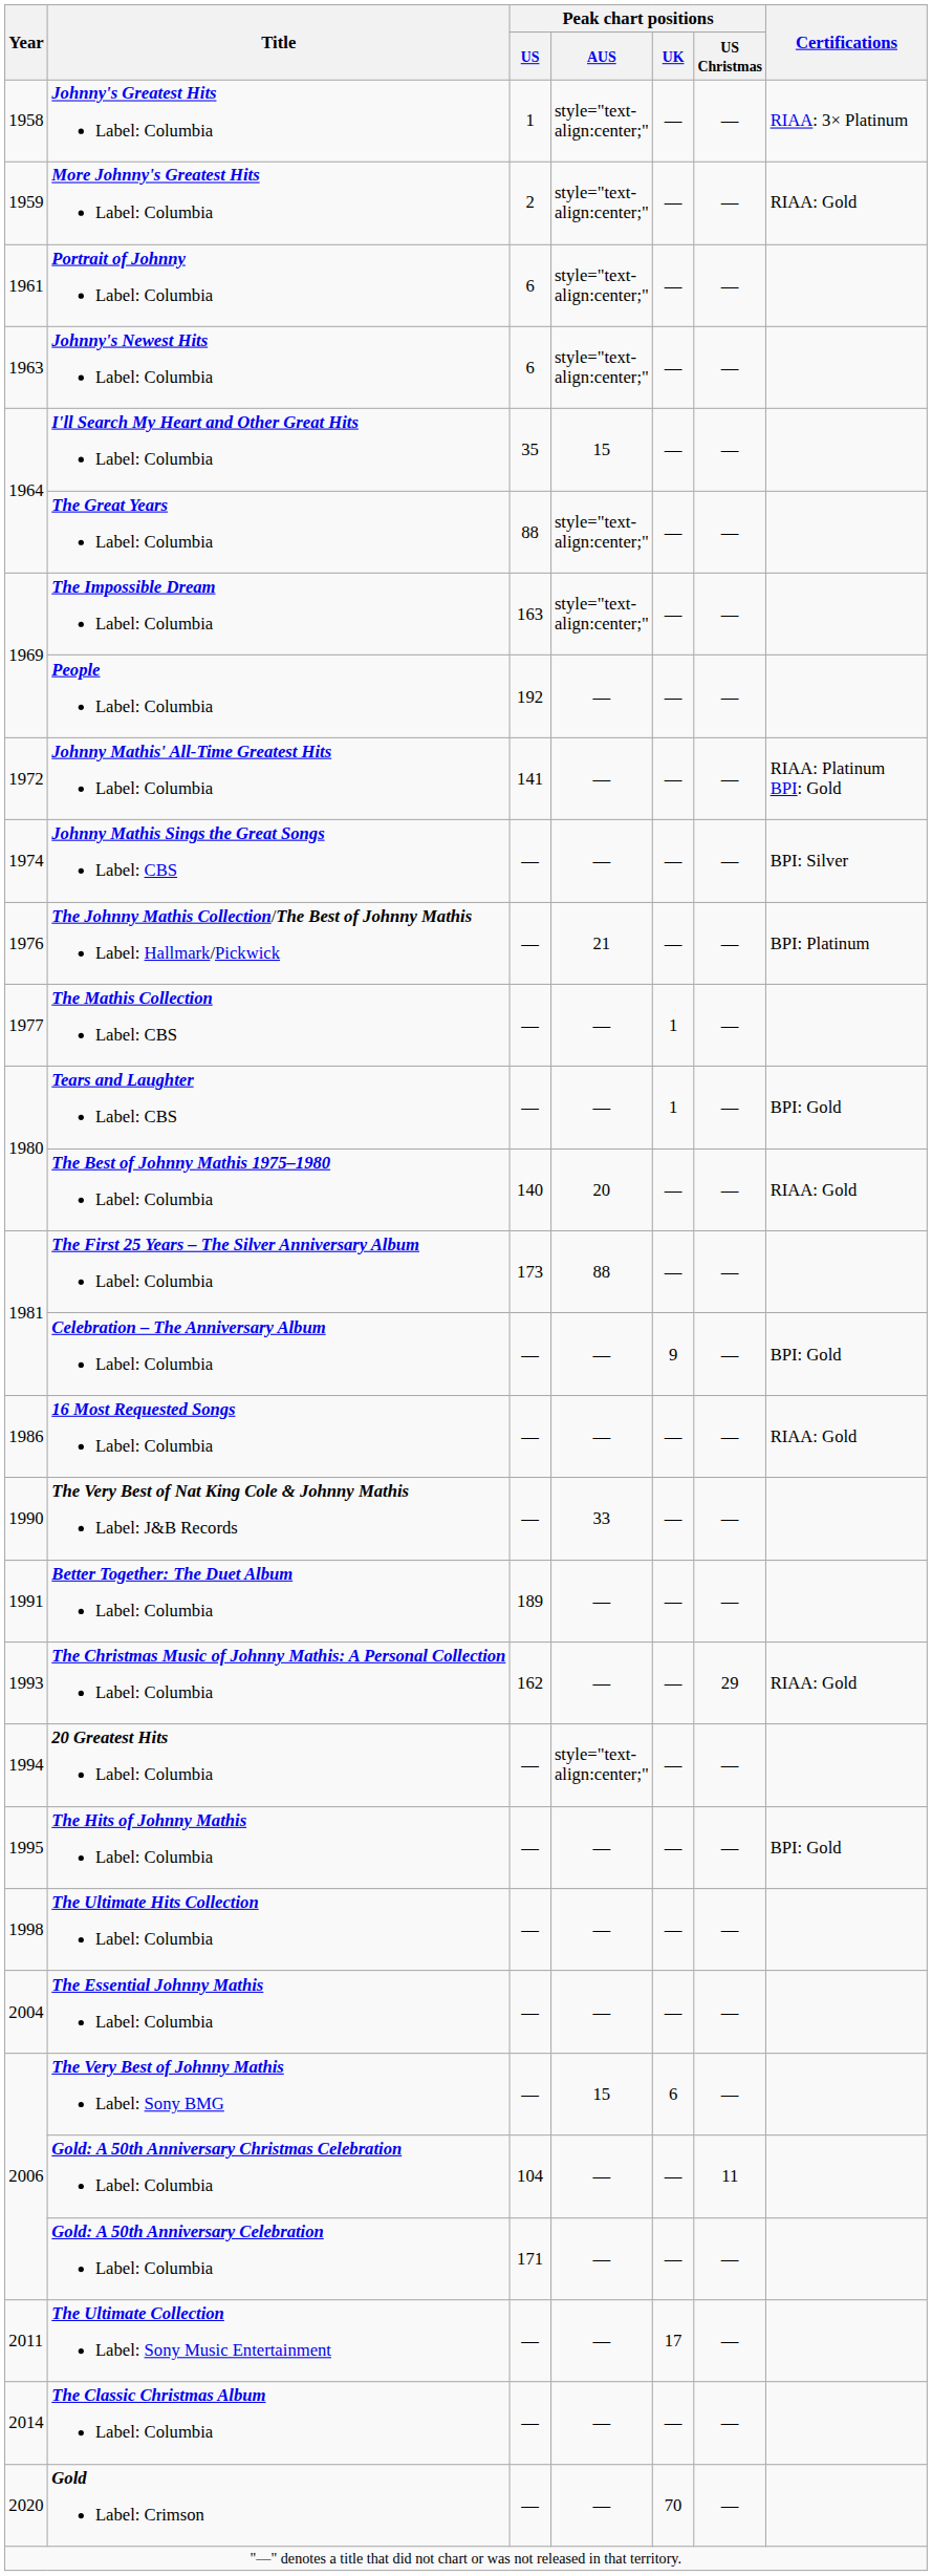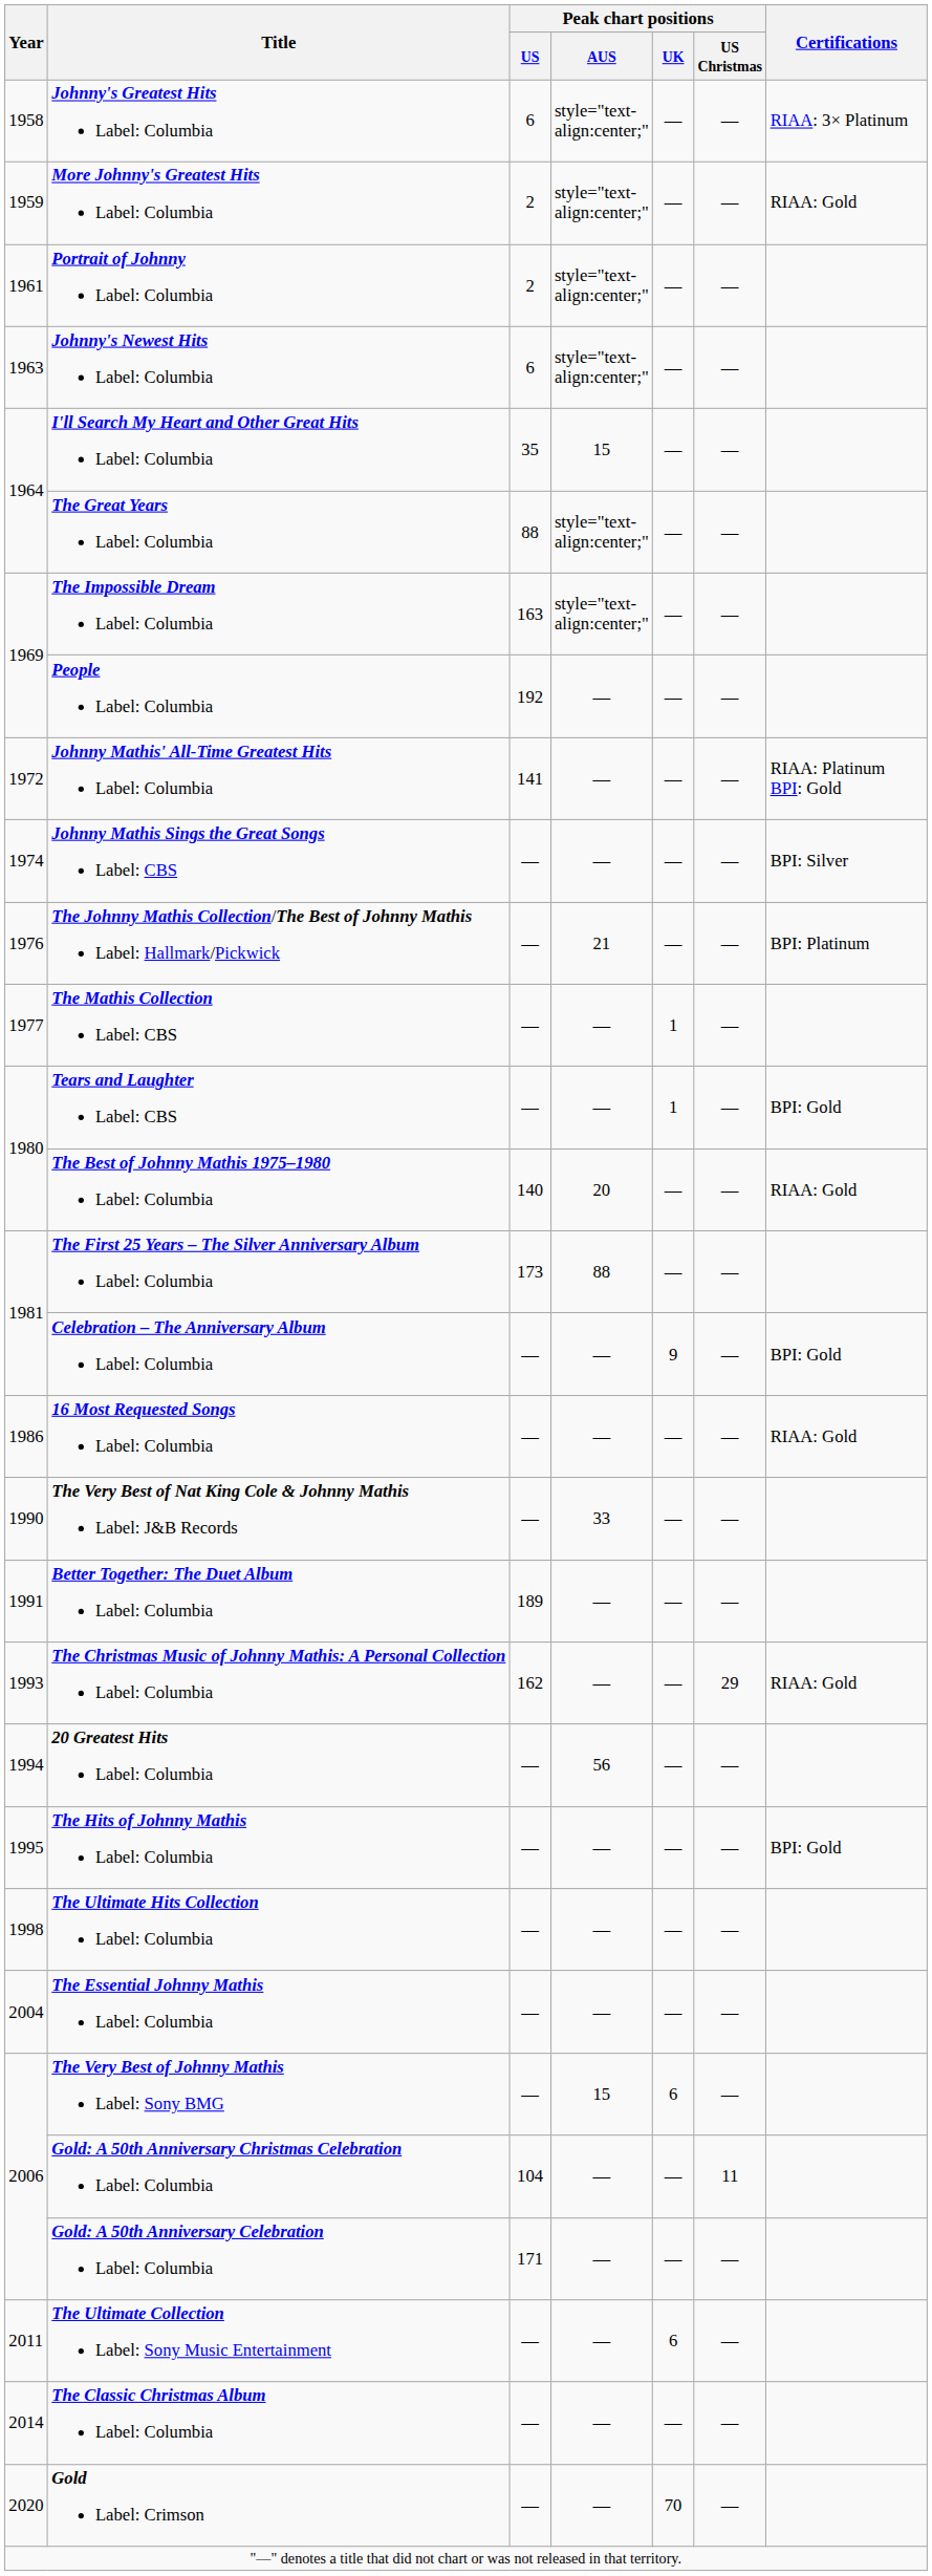 <table class="wikitable">
 <tr>
 <th rowspan="2">Year</th>
 <th rowspan="2">Title</th>
 <th colspan="4">Peak chart positions</th>
 <th rowspan="2" style="width:140px;"><a href='#'>Certifications</a></th>
 </tr>
 <tr>
 <th width="30"><small><a href='#'>US</a><br></small></th>
 <th width="30"><small><a href='#'>AUS</a><br></small></th>
 <th width="30"><small><a href='#'>UK</a><br></small></th>
 <th width="30"><small>US<br>Christmas<br></small></th>
 </tr>
 <tr>
 <td>1958</td>
 <td><strong><em><a href='#'>Johnny's Greatest Hits</a></em></strong><br><ul><li>Label: Columbia</li></ul></td>
-<td style="text-align:center;">1</td>
+<td style="text-align:center;">6</td>
 <td>style="text-align:center;"</td>
 <td style="text-align:center;">—</td>
 <td style="text-align:center;">—</td>
 <td><a href='#'>RIAA</a>: 3× Platinum</td>
 </tr>
 <tr>
 <td>1959</td>
 <td><strong><em><a href='#'>More Johnny's Greatest Hits</a></em></strong><br><ul><li>Label: Columbia</li></ul></td>
 <td style="text-align:center;">2</td>
 <td>style="text-align:center;"</td>
 <td style="text-align:center;">—</td>
 <td style="text-align:center;">—</td>
 <td>RIAA: Gold</td>
 </tr>
 <tr>
 <td>1961</td>
 <td><strong><em><a href='#'>Portrait of Johnny</a></em></strong><br><ul><li>Label: Columbia</li></ul></td>
-<td style="text-align:center;">6</td>
+<td style="text-align:center;">2</td>
 <td>style="text-align:center;"</td>
 <td style="text-align:center;">—</td>
 <td style="text-align:center;">—</td>
 <td></td>
 </tr>
 <tr>
 <td>1963</td>
 <td><strong><em><a href='#'>Johnny's Newest Hits</a></em></strong><br><ul><li>Label: Columbia</li></ul></td>
 <td style="text-align:center;">6</td>
 <td>style="text-align:center;"</td>
 <td style="text-align:center;">—</td>
 <td style="text-align:center;">—</td>
 <td></td>
 </tr>
 <tr>
 <td rowspan="2">1964</td>
 <td><strong><em><a href='#'>I'll Search My Heart and Other Great Hits</a></em></strong><br><ul><li>Label: Columbia</li></ul></td>
 <td style="text-align:center;">35</td>
 <td style="text-align:center;">15</td>
 <td style="text-align:center;">—</td>
 <td style="text-align:center;">—</td>
 <td></td>
 </tr>
 <tr>
 <td><strong><em><a href='#'>The Great Years</a></em></strong><br><ul><li>Label: Columbia</li></ul></td>
 <td style="text-align:center;">88</td>
 <td>style="text-align:center;"</td>
 <td style="text-align:center;">—</td>
 <td style="text-align:center;">—</td>
 <td></td>
 </tr>
 <tr>
 <td rowspan="2">1969</td>
 <td><strong><em><a href='#'>The Impossible Dream</a></em></strong><br><ul><li>Label: Columbia</li></ul></td>
 <td style="text-align:center;">163</td>
 <td>style="text-align:center;"</td>
 <td style="text-align:center;">—</td>
 <td style="text-align:center;">—</td>
 <td></td>
 </tr>
 <tr>
 <td><strong><em><a href='#'>People</a></em></strong><br><ul><li>Label: Columbia</li></ul></td>
 <td style="text-align:center;">192</td>
 <td style="text-align:center;">—</td>
 <td style="text-align:center;">—</td>
 <td style="text-align:center;">—</td>
 <td></td>
 </tr>
 <tr>
 <td>1972</td>
 <td><strong><em><a href='#'>Johnny Mathis' All-Time Greatest Hits</a></em></strong><br><ul><li>Label: Columbia</li></ul></td>
 <td style="text-align:center;">141</td>
 <td style="text-align:center;">—</td>
 <td style="text-align:center;">—</td>
 <td style="text-align:center;">—</td>
 <td>RIAA: Platinum<br> <a href='#'>BPI</a>: Gold</td>
 </tr>
 <tr>
 <td>1974</td>
 <td><strong><em><a href='#'>Johnny Mathis Sings the Great Songs</a></em></strong><br><ul><li>Label: <a href='#'>CBS</a></li></ul></td>
 <td style="text-align:center;">—</td>
 <td style="text-align:center;">—</td>
 <td style="text-align:center;">—</td>
 <td style="text-align:center;">—</td>
 <td>BPI: Silver</td>
 </tr>
 <tr>
 <td>1976</td>
 <td><strong><em><a href='#'>The Johnny Mathis Collection</a></em></strong>/<strong><em>The Best of Johnny Mathis</em></strong><br><ul><li>Label: <a href='#'>Hallmark</a>/<a href='#'>Pickwick</a></li></ul></td>
 <td style="text-align:center;">—</td>
 <td style="text-align:center;">21</td>
 <td style="text-align:center;">—</td>
 <td style="text-align:center;">—</td>
 <td>BPI: Platinum</td>
 </tr>
 <tr>
 <td>1977</td>
 <td><strong><em><a href='#'>The Mathis Collection</a></em></strong><br><ul><li>Label: CBS</li></ul></td>
 <td style="text-align:center;">—</td>
 <td style="text-align:center;">—</td>
 <td style="text-align:center;">1</td>
 <td style="text-align:center;">—</td>
 <td></td>
 </tr>
 <tr>
 <td rowspan="2">1980</td>
 <td><strong><em><a href='#'>Tears and Laughter</a></em></strong><br><ul><li>Label: CBS</li></ul></td>
 <td style="text-align:center;">—</td>
 <td style="text-align:center;">—</td>
 <td style="text-align:center;">1</td>
 <td style="text-align:center;">—</td>
 <td>BPI: Gold</td>
 </tr>
 <tr>
 <td><strong><em><a href='#'>The Best of Johnny Mathis 1975–1980</a></em></strong><br><ul><li>Label: Columbia</li></ul></td>
 <td style="text-align:center;">140</td>
 <td style="text-align:center;">20</td>
 <td style="text-align:center;">—</td>
 <td style="text-align:center;">—</td>
 <td>RIAA: Gold</td>
 </tr>
 <tr>
 <td rowspan="2">1981</td>
 <td><strong><em><a href='#'>The First 25 Years – The Silver Anniversary Album</a></em></strong><br><ul><li>Label: Columbia</li></ul></td>
 <td style="text-align:center;">173</td>
 <td style="text-align:center;">88</td>
 <td style="text-align:center;">—</td>
 <td style="text-align:center;">—</td>
 <td></td>
 </tr>
 <tr>
 <td><strong><em><a href='#'>Celebration – The Anniversary Album</a></em></strong><br><ul><li>Label: Columbia</li></ul></td>
 <td style="text-align:center;">—</td>
 <td style="text-align:center;">—</td>
 <td style="text-align:center;">9</td>
 <td style="text-align:center;">—</td>
 <td>BPI: Gold</td>
 </tr>
 <tr>
 <td>1986</td>
 <td><strong><em><a href='#'>16 Most Requested Songs</a></em></strong><br><ul><li>Label: Columbia</li></ul></td>
 <td style="text-align:center;">—</td>
 <td style="text-align:center;">—</td>
 <td style="text-align:center;">—</td>
 <td style="text-align:center;">—</td>
 <td>RIAA: Gold</td>
 </tr>
 <tr>
 <td>1990</td>
 <td><strong><em>The Very Best of Nat King Cole & Johnny Mathis</em></strong><br><ul><li>Label: J&B Records</li></ul></td>
 <td style="text-align:center;">—</td>
 <td style="text-align:center;">33</td>
 <td style="text-align:center;">—</td>
 <td style="text-align:center;">—</td>
 <td></td>
 </tr>
 <tr>
 <td>1991</td>
 <td><strong><em><a href='#'>Better Together: The Duet Album</a></em></strong><br><ul><li>Label: Columbia</li></ul></td>
 <td style="text-align:center;">189</td>
 <td style="text-align:center;">—</td>
 <td style="text-align:center;">—</td>
 <td style="text-align:center;">—</td>
 <td></td>
 </tr>
 <tr>
 <td>1993</td>
 <td><strong><em><a href='#'>The Christmas Music of Johnny Mathis: A Personal Collection</a></em></strong><br><ul><li>Label: Columbia</li></ul></td>
 <td style="text-align:center;">162</td>
 <td style="text-align:center;">—</td>
 <td style="text-align:center;">—</td>
 <td style="text-align:center;">29</td>
 <td>RIAA: Gold</td>
 </tr>
 <tr>
 <td>1994</td>
 <td><strong><em>20 Greatest Hits</em></strong><br><ul><li>Label: Columbia</li></ul></td>
 <td style="text-align:center;">—</td>
-<td>style="text-align:center;"</td>
+<td style="text-align:center;">56</td>
 <td style="text-align:center;">—</td>
 <td style="text-align:center;">—</td>
 <td></td>
 </tr>
 <tr>
 <td>1995</td>
 <td><strong><em><a href='#'>The Hits of Johnny Mathis</a></em></strong><br><ul><li>Label: Columbia</li></ul></td>
 <td style="text-align:center;">—</td>
 <td style="text-align:center;">—</td>
 <td style="text-align:center;">—</td>
 <td style="text-align:center;">—</td>
 <td>BPI: Gold</td>
 </tr>
 <tr>
 <td>1998</td>
 <td><strong><em><a href='#'>The Ultimate Hits Collection</a></em></strong><br><ul><li>Label: Columbia</li></ul></td>
 <td style="text-align:center;">—</td>
 <td style="text-align:center;">—</td>
 <td style="text-align:center;">—</td>
 <td style="text-align:center;">—</td>
 <td></td>
 </tr>
 <tr>
 <td>2004</td>
 <td><strong><em><a href='#'>The Essential Johnny Mathis</a></em></strong><br><ul><li>Label: Columbia</li></ul></td>
 <td style="text-align:center;">—</td>
 <td style="text-align:center;">—</td>
 <td style="text-align:center;">—</td>
 <td style="text-align:center;">—</td>
 <td></td>
 </tr>
 <tr>
 <td rowspan="3">2006</td>
 <td><strong><em><a href='#'>The Very Best of Johnny Mathis</a></em></strong><br><ul><li>Label: <a href='#'>Sony BMG</a></li></ul></td>
 <td style="text-align:center;">—</td>
 <td style="text-align:center;">15</td>
 <td style="text-align:center;">6</td>
 <td style="text-align:center;">—</td>
 <td></td>
 </tr>
 <tr>
 <td><strong><em><a href='#'>Gold: A 50th Anniversary Christmas Celebration</a></em></strong><br><ul><li>Label: Columbia</li></ul></td>
 <td style="text-align:center;">104</td>
 <td style="text-align:center;">—</td>
 <td style="text-align:center;">—</td>
 <td style="text-align:center;">11</td>
 <td></td>
 </tr>
 <tr>
 <td><strong><em><a href='#'>Gold: A 50th Anniversary Celebration</a></em></strong><br><ul><li>Label: Columbia</li></ul></td>
 <td style="text-align:center;">171</td>
 <td style="text-align:center;">—</td>
 <td style="text-align:center;">—</td>
 <td style="text-align:center;">—</td>
 <td></td>
 </tr>
 <tr>
 <td>2011</td>
 <td><strong><em><a href='#'>The Ultimate Collection</a></em></strong><br><ul><li>Label: <a href='#'>Sony Music Entertainment</a></li></ul></td>
 <td style="text-align:center;">—</td>
 <td style="text-align:center;">—</td>
-<td style="text-align:center;">17</td>
+<td style="text-align:center;">6</td>
 <td style="text-align:center;">—</td>
 <td></td>
 </tr>
 <tr>
 <td>2014</td>
 <td><strong><em><a href='#'>The Classic Christmas Album</a></em></strong><br><ul><li>Label: Columbia</li></ul></td>
 <td style="text-align:center;">—</td>
 <td style="text-align:center;">—</td>
 <td style="text-align:center;">—</td>
 <td style="text-align:center;">—</td>
 <td></td>
 </tr>
 <tr>
 <td>2020</td>
 <td><strong><em>Gold</em></strong><br><ul><li>Label: Crimson</li></ul></td>
 <td style="text-align:center;">—</td>
 <td style="text-align:center;">—</td>
 <td style="text-align:center;">70</td>
 <td style="text-align:center;">—</td>
 <td></td>
 </tr>
 <tr>
 <td colspan="19" style="text-align:center; font-size:85%">"—" denotes a title that did not chart or was not released in that territory.</td>
 </tr>
 </table>
